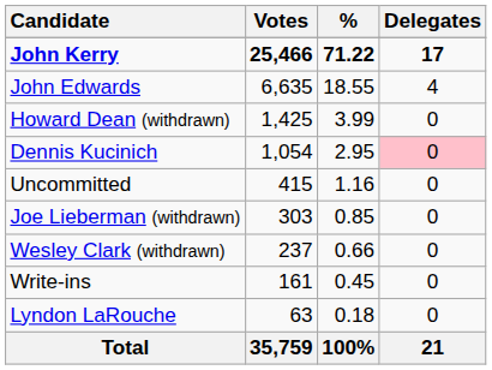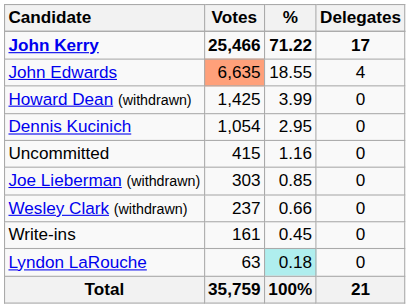 <table class="wikitable sortable plainrowheaders" style="text-align:right;">
 <tr>
 <th style="text-align:left;">Candidate</th>
 <th>Votes</th>
 <th>%</th>
 <th>Delegates</th>
 </tr>
 <tr>
 </tr>
 <tr>
 <td style="text-align:left;"><strong><a href='#'>John Kerry</a></strong></td>
 <td><strong>25,466</strong></td>
 <td><strong>71.22</strong></td>
 <td style="text-align:center;"><strong>17</strong></td>
 </tr>
 <tr>
 <td style="text-align:left;"><a href='#'>John Edwards</a></td>
-<td>6,635</td>
+<td style="background: lightsalmon;">6,635</td>
 <td>18.55</td>
 <td style="text-align:center;">4</td>
 </tr>
 <tr>
 <td style="text-align:left;"><a href='#'>Howard Dean</a> <small>(withdrawn)</small></td>
 <td>1,425</td>
 <td>3.99</td>
 <td style="text-align:center;">0</td>
 </tr>
 <tr>
 <td style="text-align:left;"><a href='#'>Dennis Kucinich</a></td>
 <td>1,054</td>
 <td>2.95</td>
-<td style="background: pink; text-align:center;">0</td>
+<td style="text-align:center;">0</td>
 </tr>
 <tr>
 <td style="text-align:left;">Uncommitted</td>
 <td>415</td>
 <td>1.16</td>
 <td style="text-align:center;">0</td>
 </tr>
 <tr>
 <td style="text-align:left;"><a href='#'>Joe Lieberman</a> <small>(withdrawn)</small></td>
 <td>303</td>
 <td>0.85</td>
 <td style="text-align:center;">0</td>
 </tr>
 <tr>
 <td style="text-align:left;"><a href='#'>Wesley Clark</a> <small>(withdrawn)</small></td>
 <td>237</td>
 <td>0.66</td>
 <td style="text-align:center;">0</td>
 </tr>
 <tr>
 <td style="text-align:left;">Write-ins</td>
 <td>161</td>
 <td>0.45</td>
 <td style="text-align:center;">0</td>
 </tr>
 <tr>
 <td style="text-align:left;"><a href='#'>Lyndon LaRouche</a></td>
 <td>63</td>
-<td>0.18</td>
+<td style="background: paleturquoise;">0.18</td>
 <td style="text-align:center;">0</td>
 </tr>
 <tr class="sortbottom">
 <th>Total</th>
 <th>35,759</th>
 <th>100%</th>
 <th>21</th>
 </tr>
 </table>
